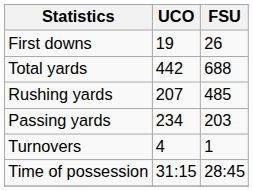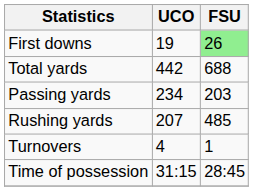 <table class="wikitable">
 <tr>
 <th>Statistics</th>
 <th>UCO</th>
 <th>FSU</th>
 </tr>
 <tr>
 <td>First downs</td>
 <td>19</td>
-<td>26</td>
+<td style="background: lightgreen;">26</td>
 </tr>
 <tr>
 <td>Total yards</td>
 <td>442</td>
 <td>688</td>
 </tr>
 <tr>
+<td>Passing yards</td>
+<td>234</td>
+<td>203</td>
+</tr>
+<tr>
 <td>Rushing yards</td>
 <td>207</td>
 <td>485</td>
-</tr>
-<tr>
-<td>Passing yards</td>
-<td>234</td>
-<td>203</td>
 </tr>
 <tr>
 <td>Turnovers</td>
 <td>4</td>
 <td>1</td>
 </tr>
 <tr>
 <td>Time of possession</td>
 <td>31:15</td>
 <td>28:45</td>
 </tr>
 <tr>
 </tr>
 </table>
